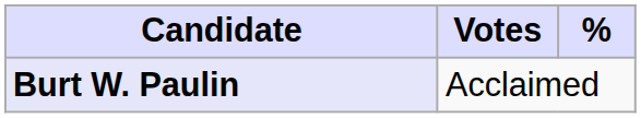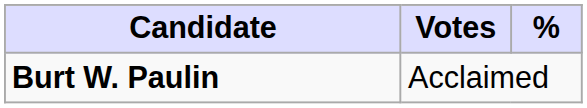 <table class="wikitable">
 <tr>
 <th style="background:#ddf; width:200px;">Candidate</th>
 <th style="background:#ddf; width:50px;">Votes</th>
 <th style="background:#ddf; width:30px;">%</th>
 </tr>
 <tr>
-<td style="background: lavender;"><strong>Burt W. Paulin</strong></td>
+<td><strong>Burt W. Paulin</strong></td>
 <td colspan="2">Acclaimed</td>
 </tr>
 </table>
